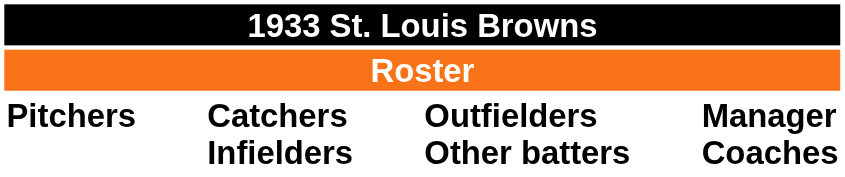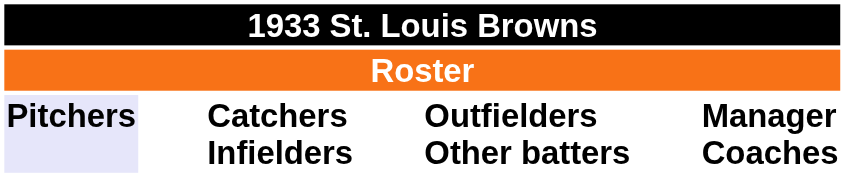 <table class="toccolours" style="font-size: 95%;">
 <tr>
 <th colspan="10" style="background-color: black; color: white; text-align: center;">1933 St. Louis Browns</th>
 </tr>
 <tr>
 <td colspan="10" style="background-color: #F87217; color: white; text-align: center;"><strong>Roster</strong></td>
 </tr>
 <tr>
-<td valign="top"><strong>Pitchers</strong><br>          </td>
+<td valign="top" style="background: lavender;"><strong>Pitchers</strong><br>          </td>
 <td width="25px"></td>
 <td valign="top"><strong>Catchers</strong><br>     <strong>Infielders</strong>     </td>
 <td width="25px"></td>
 <td valign="top"><strong>Outfielders</strong><br>     <strong>Other batters</strong> </td>
 <td width="25px"></td>
 <td valign="top"><strong>Manager</strong><br>   <strong>Coaches</strong> </td>
 </tr>
 <tr>
 </tr>
 </table>
